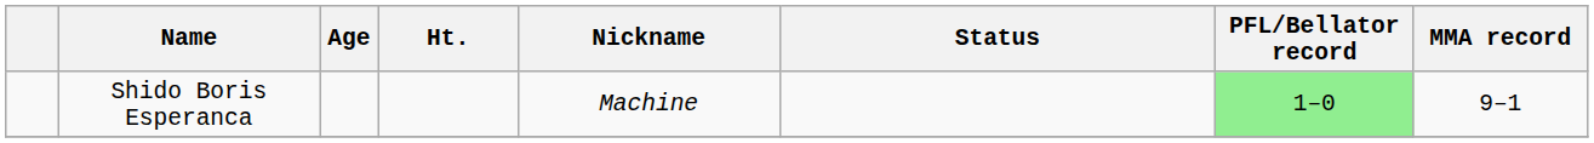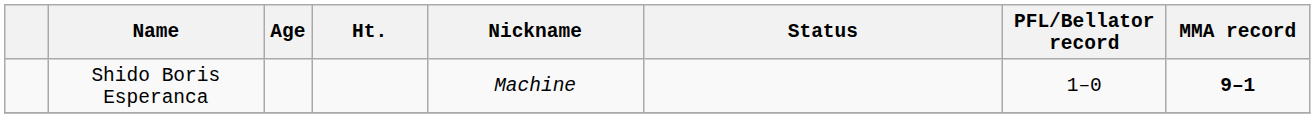 <table class="wikitable sortable" style="text-align:center;">
 <tr>
 <th width=3%></th>
 <th width=15%>Name</th>
 <th width=3%>Age</th>
 <th width=8%>Ht.</th>
 <th width="15%">Nickname</th>
 <th width=25%>Status</th>
 <th width="10%">PFL/Bellator record</th>
 <th width=10%>MMA record</th>
 </tr>
 <tr>
 <td></td>
 <td>Shido Boris Esperanca</td>
 <td></td>
 <td></td>
 <td><em>Machine</em></td>
 <td></td>
-<td style="background: lightgreen;">1–0</td>
-<td>9–1</td>
+<td>1–0</td>
+<td><strong>9–1</strong></td>
 </tr>
 <tr>
 </tr>
 </table>
